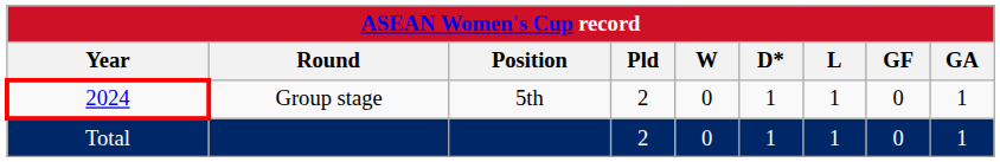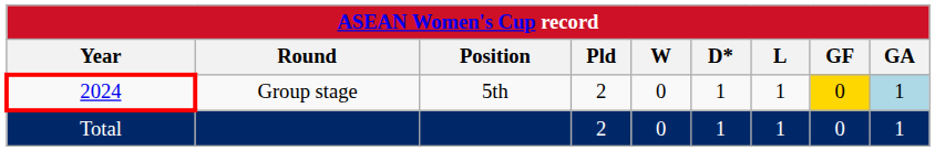 <table class="wikitable" style="text-align: center;font-size:90%;">
 <tr>
 <th colspan="9" style="background: #CE1126; color: #FFFFFF;"><a href='#'>ASEAN Women's Cup</a> record</th>
 </tr>
 <tr>
 <th width=125>Year</th>
 <th width=150>Round</th>
 <th width=100>Position</th>
 <th width=35>Pld</th>
 <th width=35>W</th>
 <th width=35>D*</th>
 <th width=35>L</th>
 <th width=35>GF</th>
 <th width=35>GA</th>
 </tr>
 <tr>
 <td style="border:3px solid red;"> <a href='#'>2024</a></td>
 <td>Group stage</td>
 <td>5th</td>
 <td>2</td>
 <td>0</td>
 <td>1</td>
 <td>1</td>
-<td>0</td>
-<td>1</td>
+<td style="background: gold;">0</td>
+<td style="background: lightblue;">1</td>
 </tr>
 <tr>
 <td colspan=1 style="background: #002868; color: #FFFFFF;">Total</td>
 <td style="background: #002868; color: #FFFFFF;"></td>
 <td style="background: #002868; color: #FFFFFF;"></td>
 <td style="background: #002868; color: #FFFFFF;">2</td>
 <td style="background: #002868; color: #FFFFFF;">0</td>
 <td style="background: #002868; color: #FFFFFF;">1</td>
 <td style="background: #002868; color: #FFFFFF;">1</td>
 <td style="background: #002868; color: #FFFFFF;">0</td>
 <td style="background: #002868; color: #FFFFFF;">1</td>
 </tr>
 </table>
